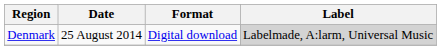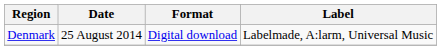 <table class=wikitable>
 <tr>
 <th>Region</th>
 <th>Date</th>
 <th>Format</th>
 <th>Label</th>
 </tr>
 <tr>
 <td><a href='#'>Denmark</a></td>
 <td>25 August 2014</td>
 <td><a href='#'>Digital download</a></td>
-<td style="background: lightgrey;">Labelmade, A:larm, Universal Music</td>
+<td>Labelmade, A:larm, Universal Music</td>
 </tr>
 <tr>
 </tr>
 </table>
